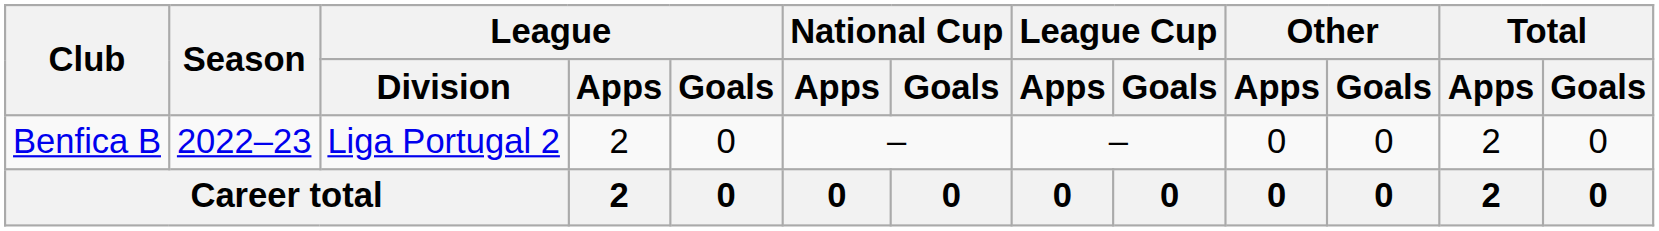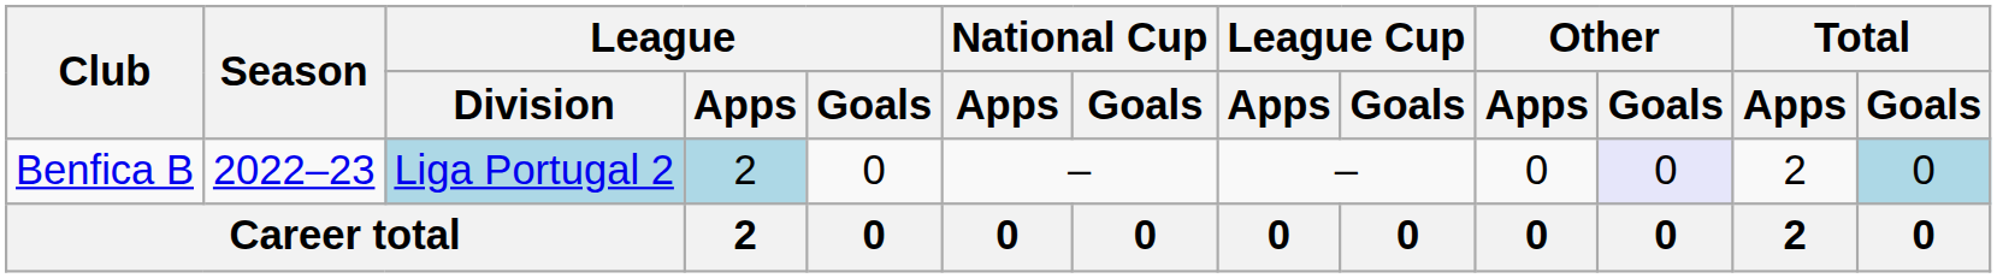 <table class="wikitable" style="text-align: center">
 <tr>
 <th rowspan="2">Club</th>
 <th rowspan="2">Season</th>
 <th colspan="3">League</th>
 <th colspan="2">National Cup</th>
 <th colspan="2">League Cup</th>
 <th colspan="2">Other</th>
 <th colspan="2">Total</th>
 </tr>
 <tr>
 <th>Division</th>
 <th>Apps</th>
 <th>Goals</th>
 <th>Apps</th>
 <th>Goals</th>
 <th>Apps</th>
 <th>Goals</th>
 <th>Apps</th>
 <th>Goals</th>
 <th>Apps</th>
 <th>Goals</th>
 </tr>
 <tr>
 <td><a href='#'>Benfica B</a></td>
 <td><a href='#'>2022–23</a></td>
-<td><a href='#'>Liga Portugal 2</a></td>
-<td>2</td>
+<td style="background: lightblue;"><a href='#'>Liga Portugal 2</a></td>
+<td style="background: lightblue;">2</td>
 <td>0</td>
 <td colspan="2">–</td>
 <td colspan="2">–</td>
 <td>0</td>
-<td>0</td>
+<td style="background: lavender;">0</td>
 <td>2</td>
-<td>0</td>
+<td style="background: lightblue;">0</td>
 </tr>
 <tr>
 <th colspan="3"><strong>Career total</strong></th>
 <th>2</th>
 <th>0</th>
 <th>0</th>
 <th>0</th>
 <th>0</th>
 <th>0</th>
 <th>0</th>
 <th>0</th>
 <th>2</th>
 <th>0</th>
 </tr>
 </table>
